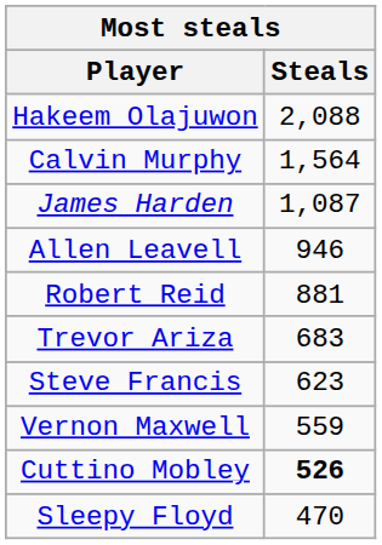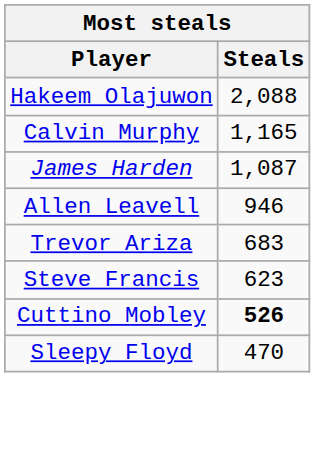 <table class="wikitable sortable" style="text-align:center">
 <tr>
 <th colspan="2" style="text-align:center; ">Most steals</th>
 </tr>
 <tr>
 <th style="text-align:center; ">Player</th>
 <th style="text-align:center; ">Steals</th>
 </tr>
 <tr>
 <td><a href='#'>Hakeem Olajuwon</a></td>
 <td>2,088</td>
 </tr>
 <tr>
 <td><a href='#'>Calvin Murphy</a></td>
-<td>1,564</td>
+<td>1,165</td>
 </tr>
 <tr>
 <td><em><a href='#'>James Harden</a></em></td>
 <td>1,087</td>
 </tr>
 <tr>
 <td><a href='#'>Allen Leavell</a></td>
 <td>946</td>
 </tr>
 <tr>
-<td><a href='#'>Robert Reid</a></td>
-<td>881</td>
-</tr>
-<tr>
 <td><a href='#'>Trevor Ariza</a></td>
 <td>683</td>
 </tr>
 <tr>
 <td><a href='#'>Steve Francis</a></td>
 <td>623</td>
-</tr>
-<tr>
-<td><a href='#'>Vernon Maxwell</a></td>
-<td>559</td>
 </tr>
 <tr>
 <td><a href='#'>Cuttino Mobley</a></td>
 <td><strong>526</strong></td>
 </tr>
 <tr>
 <td><a href='#'>Sleepy Floyd</a></td>
 <td>470</td>
 </tr>
 </table>
